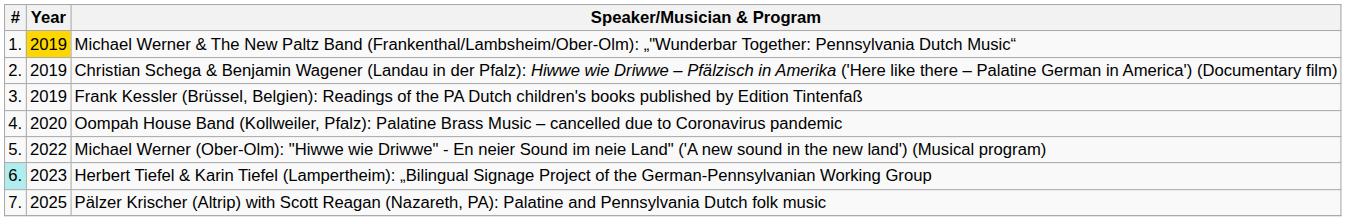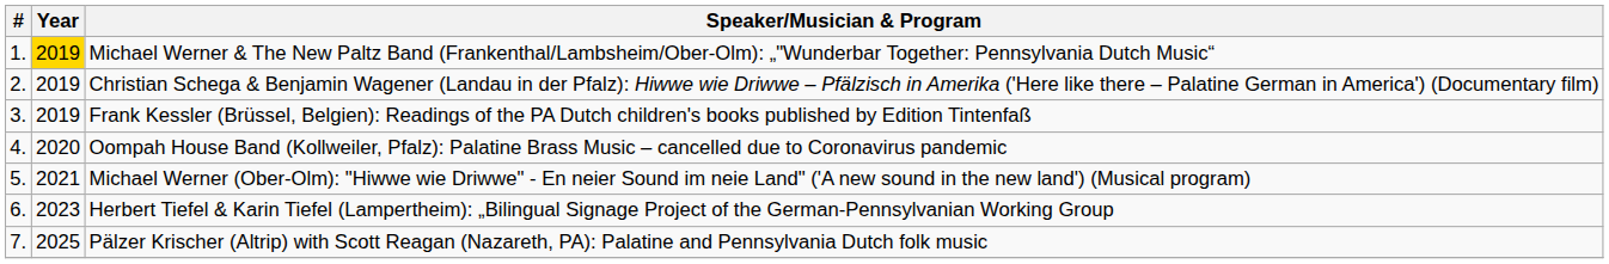 <table class="wikitable">
 <tr>
 <th>#</th>
 <th>Year</th>
 <th>Speaker/Musician & Program</th>
 </tr>
 <tr>
 <td style="text-align:right">1.</td>
 <td style="background: gold;">2019</td>
 <td>Michael Werner & The New Paltz Band (Frankenthal/Lambsheim/Ober-Olm): „"Wunderbar Together: Pennsylvania Dutch Music“</td>
 </tr>
 <tr>
 <td style="text-align:right">2.</td>
 <td>2019</td>
 <td>Christian Schega & Benjamin Wagener (Landau in der Pfalz): <em>Hiwwe wie Driwwe – Pfälzisch in Amerika</em> ('Here like there – Palatine German in America') (Documentary film)</td>
 </tr>
 <tr>
 <td style="text-align:right">3.</td>
 <td>2019</td>
 <td>Frank Kessler (Brüssel, Belgien): Readings of the PA Dutch children's books published by Edition Tintenfaß</td>
 </tr>
 <tr>
 <td style="text-align:right">4.</td>
 <td>2020</td>
 <td>Oompah House Band (Kollweiler, Pfalz): Palatine Brass Music – cancelled due to Coronavirus pandemic</td>
 </tr>
 <tr>
 <td style="text-align:right">5.</td>
-<td>2022</td>
+<td>2021</td>
 <td>Michael Werner (Ober-Olm): "Hiwwe wie Driwwe" - En neier Sound im neie Land" ('A new sound in the new land') (Musical program)</td>
 </tr>
 <tr>
-<td style="background: paleturquoise; text-align:right">6.</td>
+<td style="text-align:right">6.</td>
 <td>2023</td>
 <td>Herbert Tiefel & Karin Tiefel (Lampertheim): „Bilingual Signage Project of the German-Pennsylvanian Working Group</td>
 </tr>
 <tr>
 <td style="text-align:right">7.</td>
 <td>2025</td>
 <td>Pälzer Krischer (Altrip) with Scott Reagan (Nazareth, PA): Palatine and Pennsylvania Dutch folk music</td>
 </tr>
 <tr>
 </tr>
 </table>
